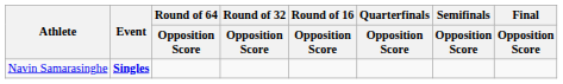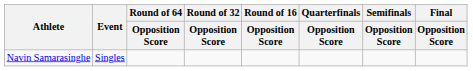 <table class=wikitable style="font-size:90%">
 <tr>
 <th rowspan="2">Athlete</th>
 <th rowspan="2">Event</th>
 <th>Round of 64</th>
 <th>Round of 32</th>
 <th>Round of 16</th>
 <th>Quarterfinals</th>
 <th>Semifinals</th>
 <th>Final</th>
 </tr>
 <tr>
 <th>Opposition<br>Score</th>
 <th>Opposition<br>Score</th>
 <th>Opposition<br>Score</th>
 <th>Opposition<br>Score</th>
 <th>Opposition<br>Score</th>
 <th>Opposition<br>Score</th>
 </tr>
 <tr>
 <td><a href='#'>Navin Samarasinghe</a></td>
-<td><strong><a href='#'>Singles</a></strong></td>
+<td><a href='#'>Singles</a></td>
 <td align=center></td>
 <td align=center></td>
 <td align=center></td>
 <td align=center></td>
 <td align=center></td>
 <td align=center></td>
 </tr>
 </table>
